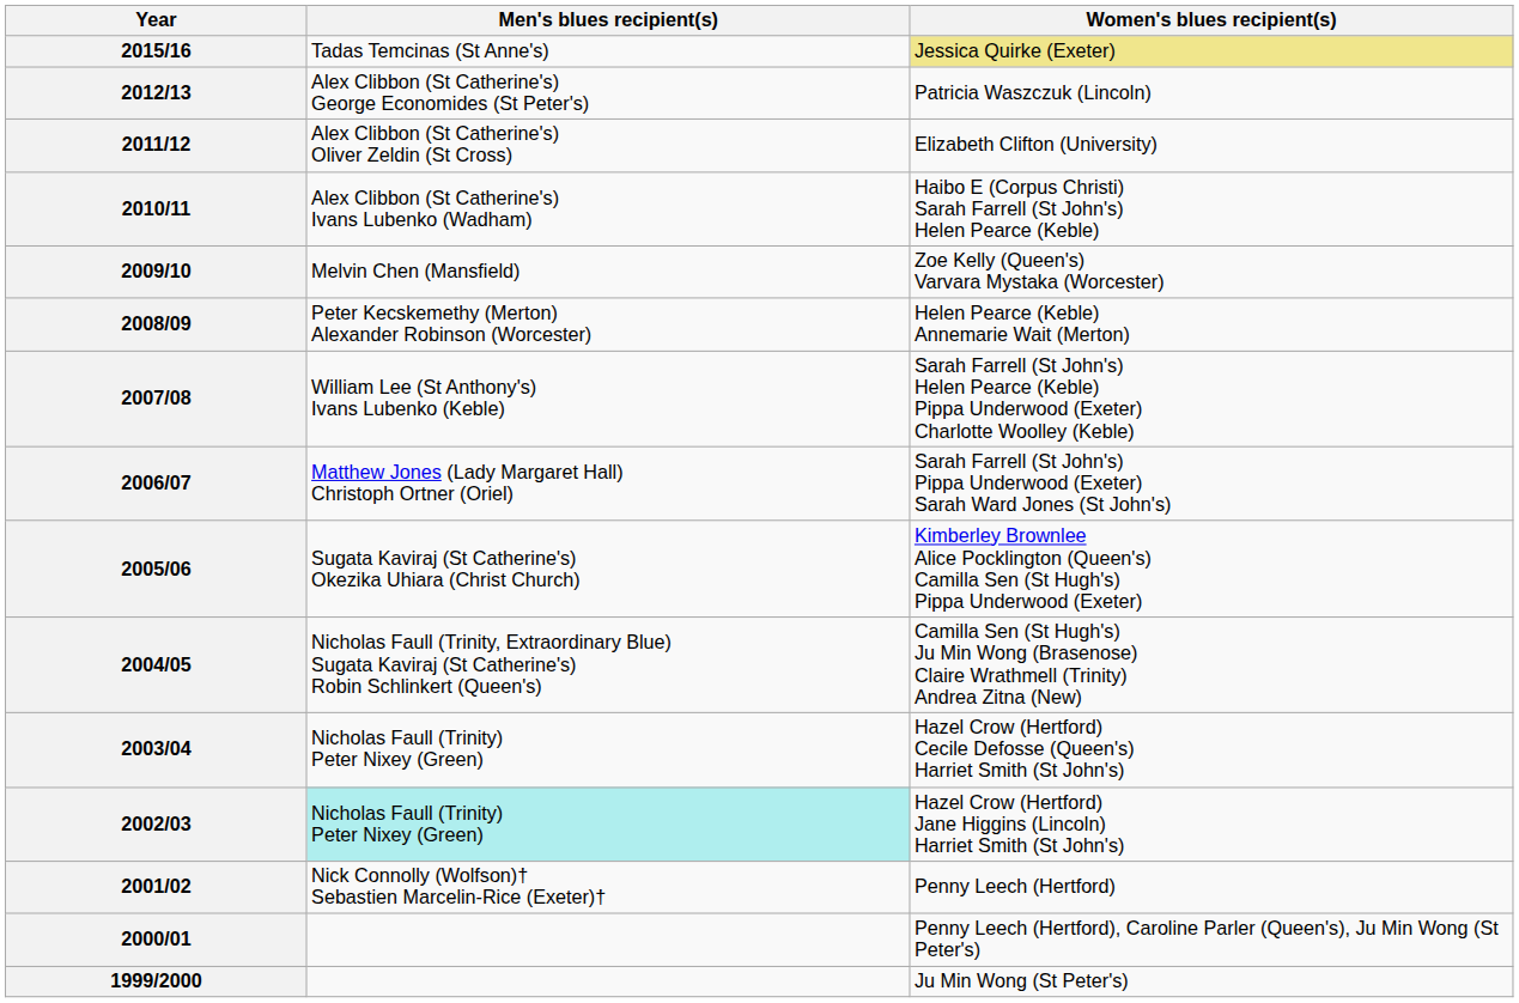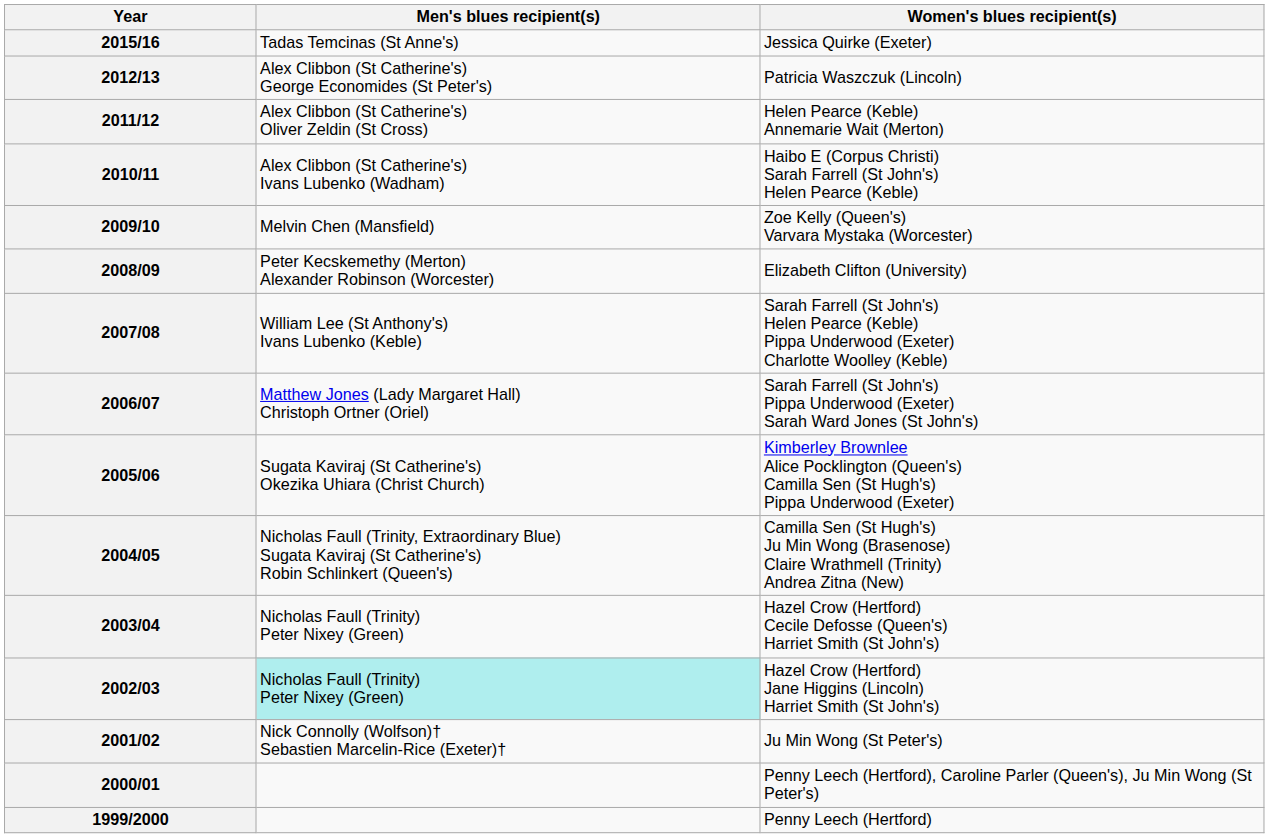 <table class="wikitable">
 <tr>
 <th style="width:20%;">Year</th>
 <th style="width:40%;">Men's blues recipient(s)</th>
 <th style="width:40%;">Women's blues recipient(s)</th>
 </tr>
 <tr>
 <th>2015/16</th>
 <td>Tadas Temcinas (St Anne's)</td>
-<td style="background: khaki;">Jessica Quirke (Exeter)</td>
+<td>Jessica Quirke (Exeter)</td>
 </tr>
 <tr>
 <th>2012/13</th>
 <td>Alex Clibbon (St Catherine's)<br>George Economides (St Peter's)</td>
 <td>Patricia Waszczuk (Lincoln)</td>
 </tr>
 <tr>
 <th>2011/12</th>
 <td>Alex Clibbon (St Catherine's)<br>Oliver Zeldin (St Cross)</td>
-<td>Elizabeth Clifton (University)</td>
+<td>Helen Pearce (Keble)<br>Annemarie Wait (Merton)</td>
 </tr>
 <tr>
 <th>2010/11</th>
 <td>Alex Clibbon (St Catherine's)<br>Ivans Lubenko (Wadham)</td>
 <td>Haibo E (Corpus Christi)<br>Sarah Farrell (St John's)<br>Helen Pearce (Keble)</td>
 </tr>
 <tr>
 <th>2009/10</th>
 <td>Melvin Chen (Mansfield)</td>
 <td>Zoe Kelly (Queen's)<br>Varvara Mystaka (Worcester)</td>
 </tr>
 <tr>
 <th>2008/09</th>
 <td>Peter Kecskemethy (Merton)<br>Alexander Robinson (Worcester)</td>
-<td>Helen Pearce (Keble)<br>Annemarie Wait (Merton)</td>
+<td>Elizabeth Clifton (University)</td>
 </tr>
 <tr>
 <th>2007/08</th>
 <td>William Lee (St Anthony's)<br>Ivans Lubenko (Keble)</td>
 <td>Sarah Farrell (St John's)<br>Helen Pearce (Keble)<br>Pippa Underwood (Exeter)<br>Charlotte Woolley (Keble)</td>
 </tr>
 <tr>
 <th>2006/07</th>
 <td><a href='#'>Matthew Jones</a> (Lady Margaret Hall)<br>Christoph Ortner (Oriel)</td>
 <td>Sarah Farrell (St John's)<br>Pippa Underwood (Exeter)<br>Sarah Ward Jones (St John's)</td>
 </tr>
 <tr>
 <th>2005/06</th>
 <td>Sugata Kaviraj (St Catherine's)<br>Okezika Uhiara (Christ Church)</td>
 <td><a href='#'>Kimberley Brownlee</a><br>Alice Pocklington (Queen's)<br>Camilla Sen (St Hugh's)<br>Pippa Underwood (Exeter)</td>
 </tr>
 <tr>
 <th>2004/05</th>
 <td>Nicholas Faull (Trinity, Extraordinary Blue)<br>Sugata Kaviraj (St Catherine's)<br>Robin Schlinkert (Queen's)</td>
 <td>Camilla Sen (St Hugh's)<br>Ju Min Wong (Brasenose)<br>Claire Wrathmell (Trinity)<br>Andrea Zitna (New)</td>
 </tr>
 <tr>
 <th>2003/04</th>
 <td>Nicholas Faull (Trinity)<br>Peter Nixey (Green)</td>
 <td>Hazel Crow (Hertford)<br>Cecile Defosse (Queen's)<br>Harriet Smith (St John's)</td>
 </tr>
 <tr>
 <th>2002/03</th>
 <td style="background: paleturquoise;">Nicholas Faull (Trinity)<br>Peter Nixey (Green)</td>
 <td>Hazel Crow (Hertford)<br>Jane Higgins (Lincoln)<br>Harriet Smith (St John's)</td>
 </tr>
 <tr>
 <th>2001/02</th>
 <td>Nick Connolly (Wolfson)†<br>Sebastien Marcelin-Rice (Exeter)†</td>
-<td>Penny Leech (Hertford)</td>
+<td>Ju Min Wong (St Peter's)</td>
 </tr>
 <tr>
 <th>2000/01</th>
 <td></td>
 <td>Penny Leech (Hertford), Caroline Parler (Queen's), Ju Min Wong (St Peter's)</td>
 </tr>
 <tr>
 <th>1999/2000</th>
 <td></td>
-<td>Ju Min Wong (St Peter's)</td>
+<td>Penny Leech (Hertford)</td>
 </tr>
 </table>
